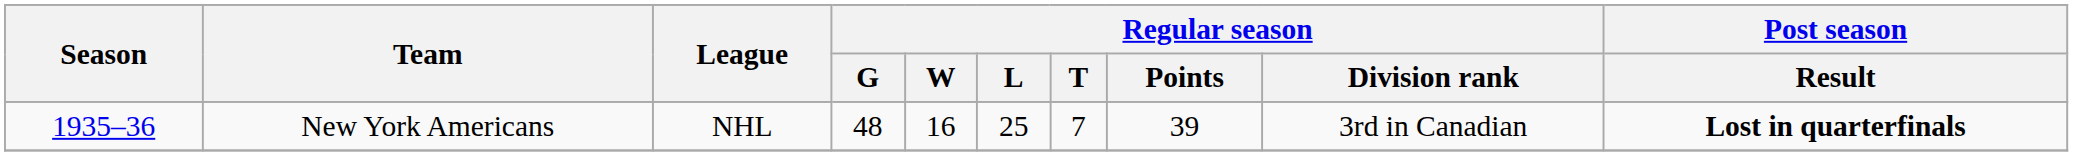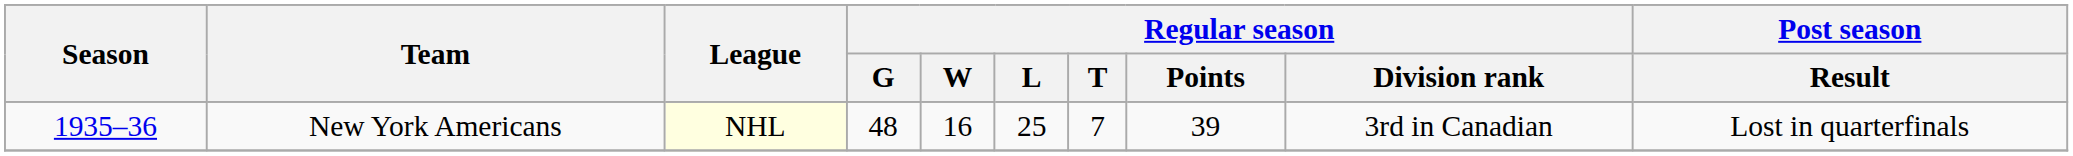 <table class="wikitable" style="font-size: 95%; text-align:center; width:70em;">
 <tr>
 <th rowspan="2">Season</th>
 <th rowspan="2">Team</th>
 <th rowspan="2">League</th>
 <th colspan="6"><a href='#'>Regular season</a></th>
 <th colspan="1"><a href='#'>Post season</a></th>
 </tr>
 <tr>
 <th>G</th>
 <th>W</th>
 <th>L</th>
 <th>T</th>
 <th>Points</th>
 <th>Division rank</th>
 <th>Result</th>
 </tr>
 <tr>
 <td><a href='#'>1935–36</a></td>
 <td>New York Americans</td>
-<td>NHL</td>
+<td style="background: lightyellow;">NHL</td>
 <td>48</td>
 <td>16</td>
 <td>25</td>
 <td>7</td>
 <td>39</td>
 <td>3rd in Canadian</td>
-<td><strong>Lost in quarterfinals</strong></td>
+<td>Lost in quarterfinals</td>
 </tr>
 <tr>
 </tr>
 </table>
